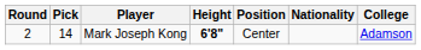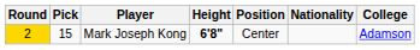 <table class="wikitable sortable sortable">
 <tr>
 <th>Round</th>
 <th>Pick</th>
 <th>Player</th>
 <th>Height</th>
 <th>Position</th>
 <th>Nationality</th>
 <th>College</th>
 </tr>
 <tr style="text-align: center">
-<td>2</td>
-<td>14</td>
+<td style="background: gold;">2</td>
+<td>15</td>
 <td>Mark Joseph Kong</td>
 <td><strong>6'8"</strong></td>
 <td>Center</td>
 <td></td>
 <td><a href='#'>Adamson</a></td>
 </tr>
 </table>
